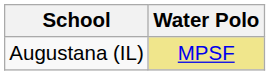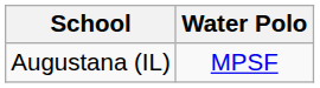 <table class="wikitable" style="text-align:center">
 <tr>
 <th>School</th>
 <th>Water Polo</th>
 </tr>
 <tr>
 <td>Augustana (IL)</td>
-<td style="background: khaki;"><a href='#'>MPSF</a></td>
+<td><a href='#'>MPSF</a></td>
 </tr>
 </table>
